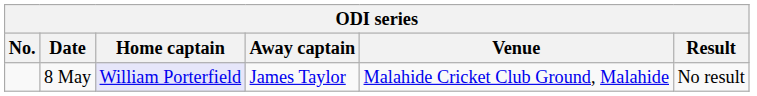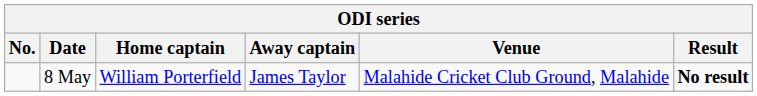 <table class="wikitable">
 <tr>
 <th colspan="9">ODI series</th>
 </tr>
 <tr>
 <th>No.</th>
 <th>Date</th>
 <th>Home captain</th>
 <th>Away captain</th>
 <th>Venue</th>
 <th>Result</th>
 </tr>
 <tr>
 <td></td>
 <td>8 May</td>
-<td style="background: lavender;"><a href='#'>William Porterfield</a></td>
+<td><a href='#'>William Porterfield</a></td>
 <td><a href='#'>James Taylor</a></td>
 <td><a href='#'>Malahide Cricket Club Ground</a>, <a href='#'>Malahide</a></td>
-<td>No result</td>
+<td><strong>No result</strong></td>
 </tr>
 </table>
